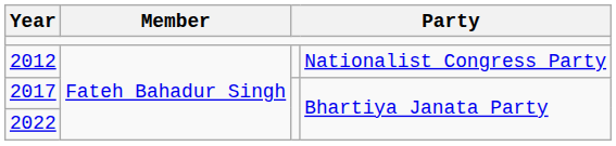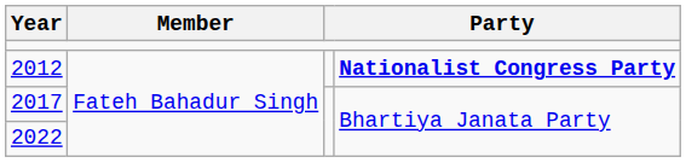 <table class="wikitable">
 <tr>
 <th>Year</th>
 <th scope="col">Member</th>
 <th colspan="2">Party</th>
 </tr>
 <tr>
 <td colspan="4"></td>
 </tr>
 <tr>
 <td><a href='#'>2012</a></td>
 <td rowspan="3"><a href='#'>Fateh Bahadur Singh</a></td>
 <td style="background-color: "></td>
-<td><a href='#'>Nationalist Congress Party</a></td>
+<td><strong><a href='#'>Nationalist Congress Party</a></strong></td>
 </tr>
 <tr>
 <td><a href='#'>2017</a></td>
 <td rowspan="2" style="background-color: "></td>
 <td rowspan="2"><a href='#'>Bhartiya Janata Party</a></td>
 </tr>
 <tr>
 <td><a href='#'>2022</a></td>
 </tr>
 </table>
